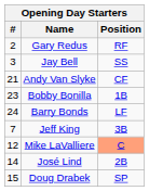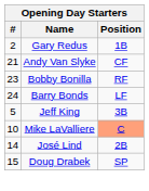 <table class="wikitable" style="text-align:center">
 <tr>
 <th colspan="3">Opening Day Starters</th>
 </tr>
 <tr>
 <th>#</th>
 <th>Name</th>
 <th>Position</th>
 </tr>
 <tr>
 <td>2</td>
 <td><a href='#'>Gary Redus</a></td>
-<td><a href='#'>RF</a></td>
-</tr>
-<tr>
-<td>3</td>
-<td><a href='#'>Jay Bell</a></td>
-<td><a href='#'>SS</a></td>
+<td><a href='#'>1B</a></td>
 </tr>
 <tr>
 <td>21</td>
 <td><a href='#'>Andy Van Slyke</a></td>
 <td><a href='#'>CF</a></td>
 </tr>
 <tr>
 <td>23</td>
 <td><a href='#'>Bobby Bonilla</a></td>
-<td><a href='#'>1B</a></td>
+<td><a href='#'>RF</a></td>
 </tr>
 <tr>
 <td>24</td>
 <td><a href='#'>Barry Bonds</a></td>
 <td><a href='#'>LF</a></td>
 </tr>
 <tr>
-<td>7</td>
+<td>5</td>
 <td><a href='#'>Jeff King</a></td>
 <td><a href='#'>3B</a></td>
 </tr>
 <tr>
-<td>12</td>
+<td>10</td>
 <td><a href='#'>Mike LaValliere</a></td>
 <td style="background: lightsalmon;"><a href='#'>C</a></td>
 </tr>
 <tr>
 <td>14</td>
 <td><a href='#'>José Lind</a></td>
 <td><a href='#'>2B</a></td>
 </tr>
 <tr>
 <td>15</td>
 <td><a href='#'>Doug Drabek</a></td>
 <td><a href='#'>SP</a></td>
 </tr>
 </table>
